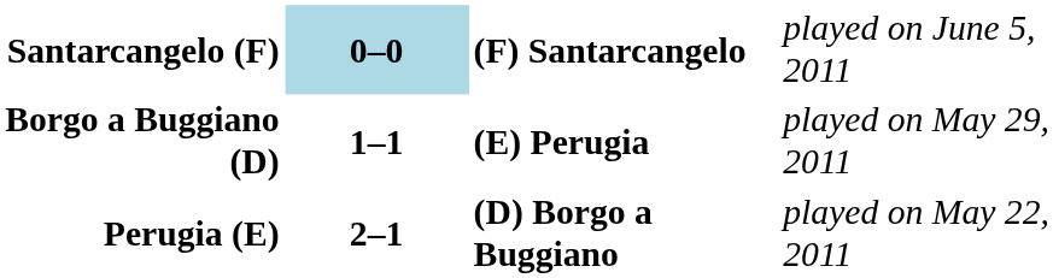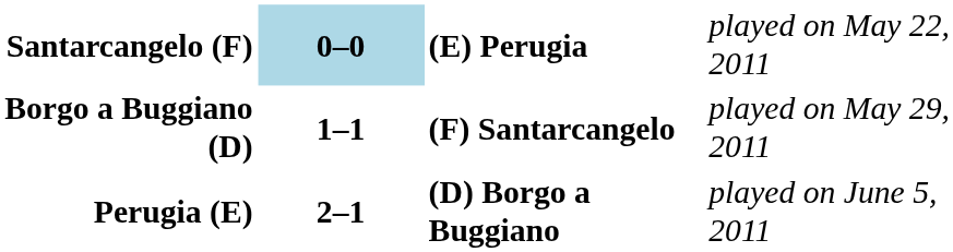 <table width="100%" cellspacing="1">
 <tr>
 <th width="20%"></th>
 <th width="12%"></th>
 <th width="20%"></th>
 <th width="20%'"></th>
 <th></th>
 </tr>
 <tr style="font-size:90%;">
 <td align="right"><strong>Santarcangelo (F)</strong></td>
 <td align="center" style="background: lightblue;"><strong>0–0</strong></td>
-<td align="left"><strong>(F) Santarcangelo</strong></td>
-<td align="left"><em>played on June 5, 2011</em></td>
+<td align="left"><strong>(E) Perugia</strong></td>
+<td align="left"><em>played on May 22, 2011</em></td>
 </tr>
 <tr style="font-size:90%;">
 <td align="right"><strong>Borgo a Buggiano (D)</strong></td>
 <td align="center"><strong>1–1</strong></td>
-<td align="left"><strong>(E) Perugia</strong></td>
+<td align="left"><strong>(F) Santarcangelo</strong></td>
 <td align="left"><em>played on May 29, 2011</em></td>
 </tr>
 <tr style="font-size:90%;">
 <td align="right"><strong>Perugia (E)</strong></td>
 <td align="center"><strong>2–1</strong></td>
 <td align="left"><strong>(D) Borgo a Buggiano</strong></td>
-<td align="left"><em>played on May 22, 2011</em></td>
+<td align="left"><em>played on June 5, 2011</em></td>
 </tr>
 </table>
